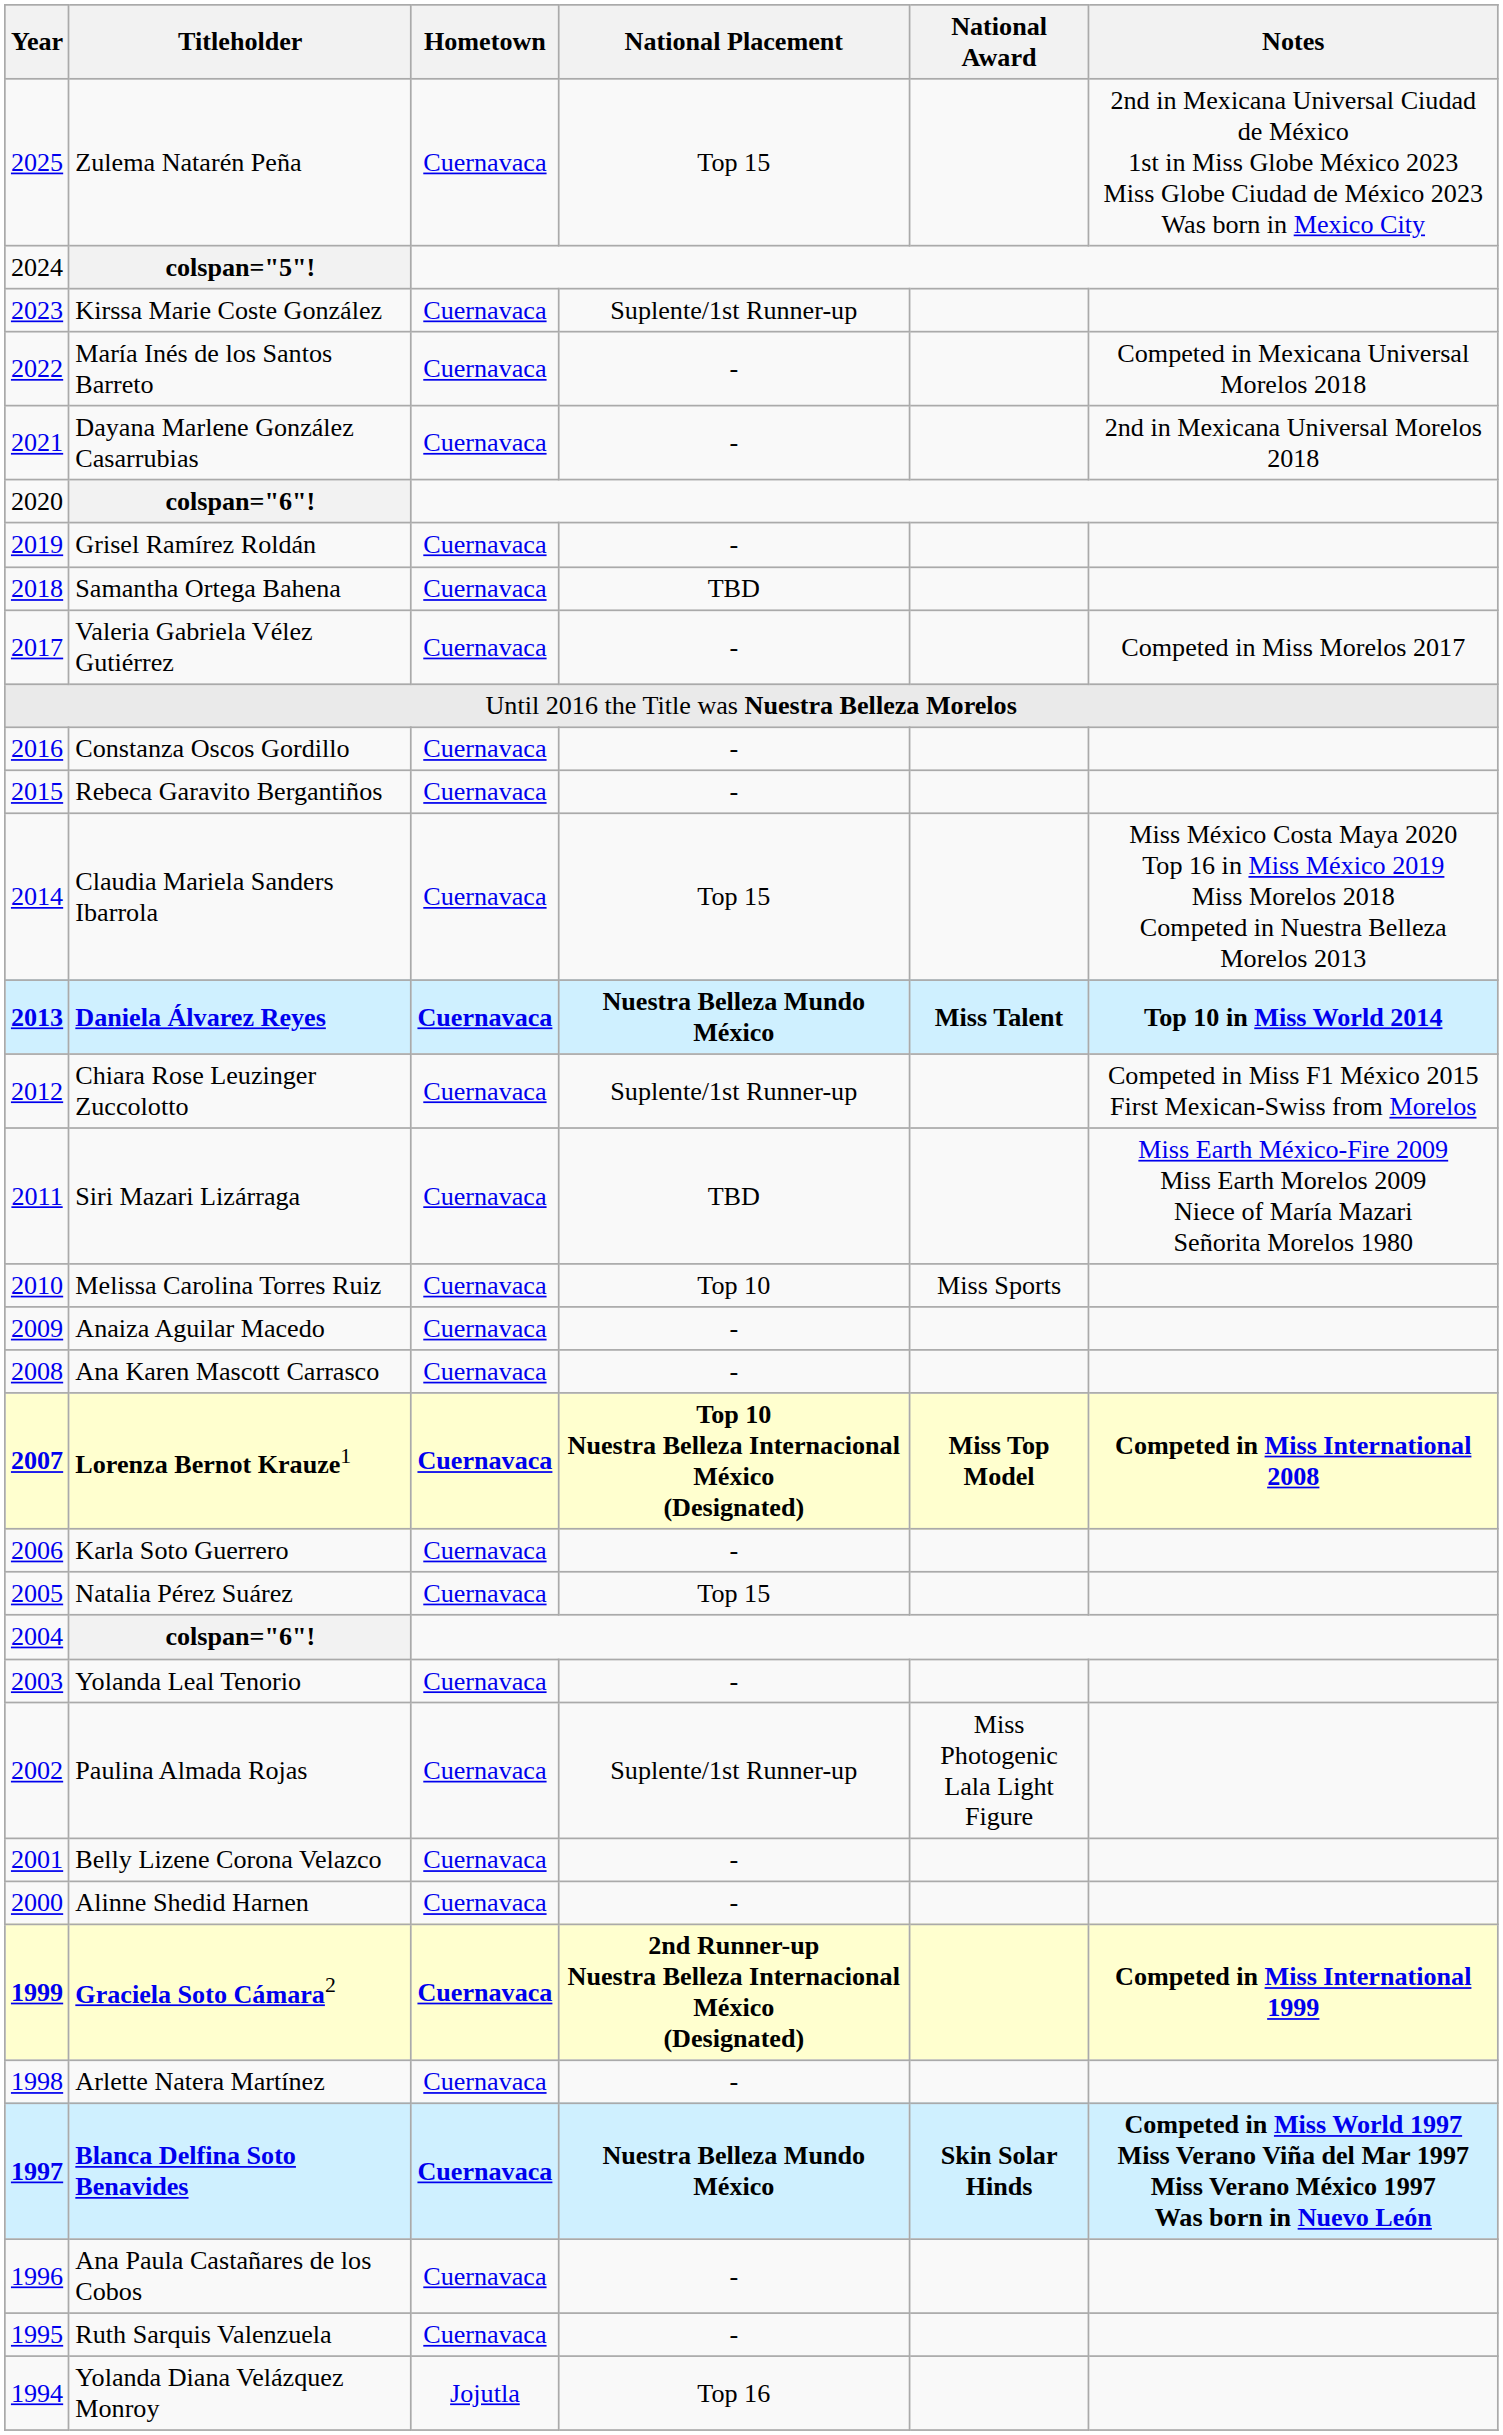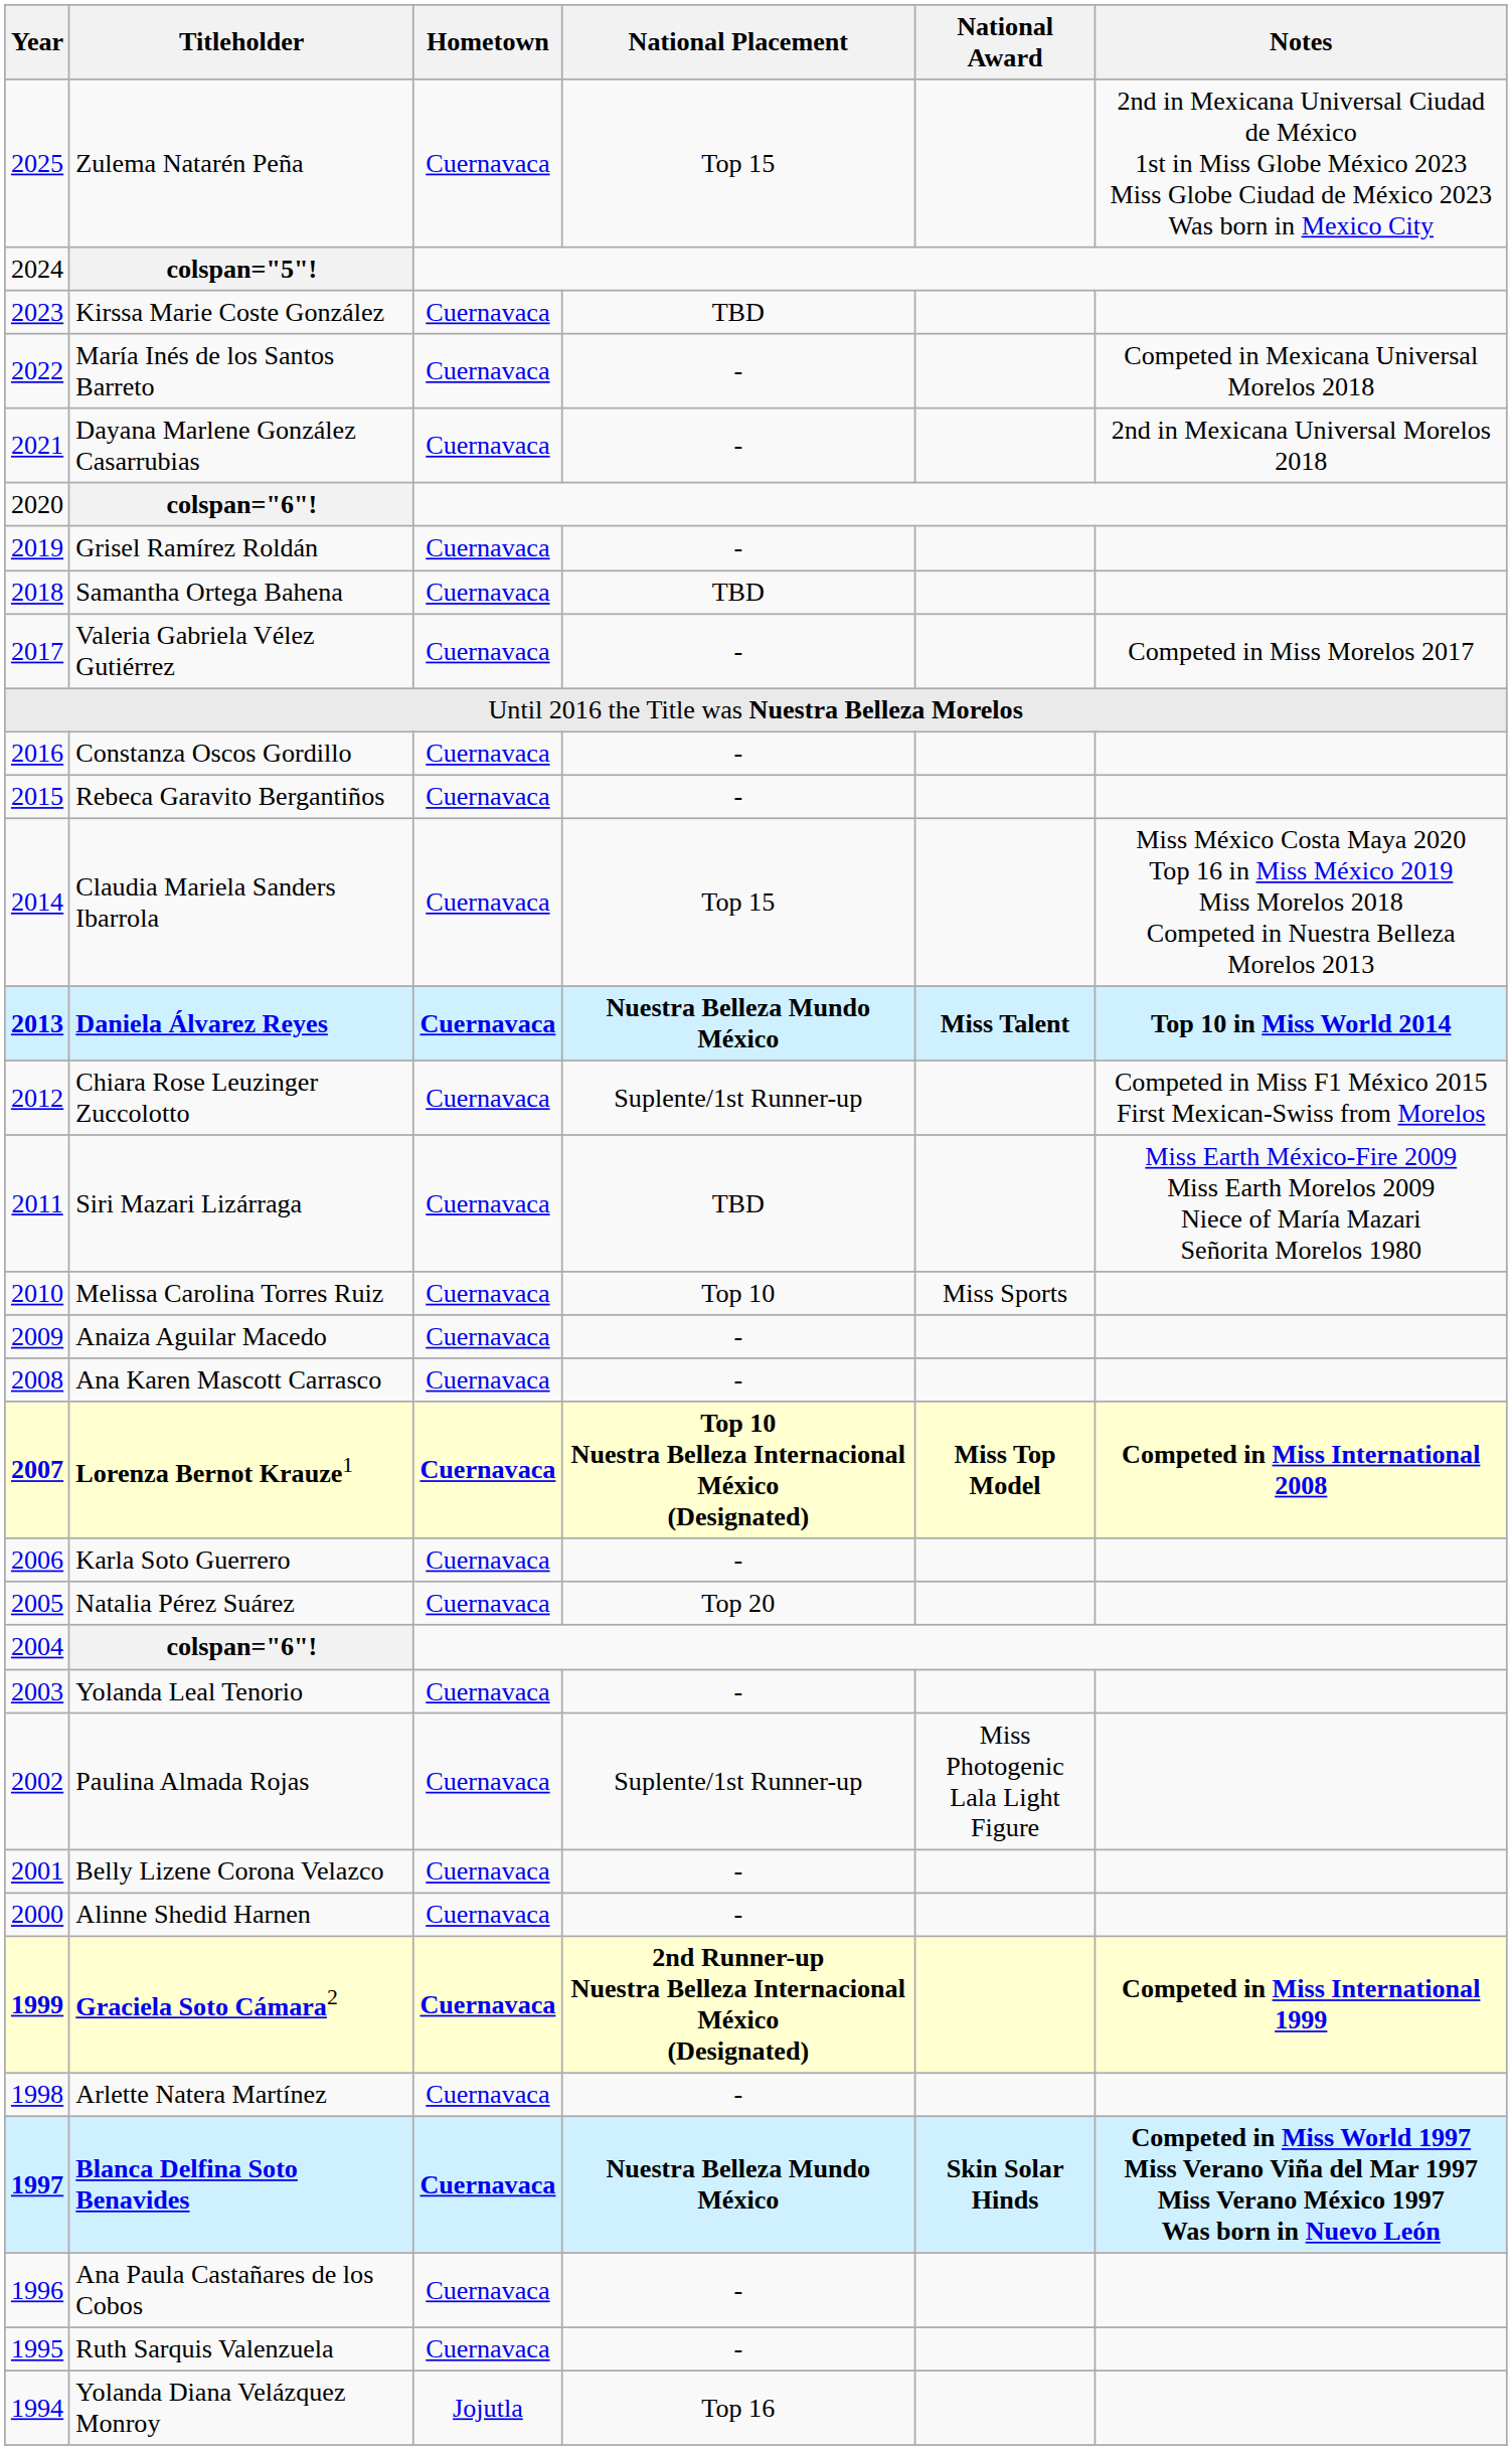 <table class="wikitable sortable" style="font-size:95%;">
 <tr>
 <th>Year</th>
 <th>Titleholder</th>
 <th>Hometown</th>
 <th>National Placement</th>
 <th>National Award</th>
 <th>Notes</th>
 </tr>
 <tr>
 <td align="center"><a href='#'>2025</a></td>
 <td>Zulema Natarén Peña</td>
 <td align="center"><a href='#'>Cuernavaca</a></td>
 <td align="center">Top 15</td>
 <td align="center"></td>
 <td align="center">2nd in Mexicana Universal Ciudad de México<br> 1st in Miss Globe México 2023<br>Miss Globe Ciudad de México 2023<br>Was born in <a href='#'>Mexico City</a></td>
 </tr>
 <tr>
 <td align="center">2024</td>
 <th>colspan="5"!</th>
 </tr>
 <tr>
 <td align="center"><a href='#'>2023</a></td>
 <td>Kirssa Marie Coste González</td>
 <td align="center"><a href='#'>Cuernavaca</a></td>
-<td align="center">Suplente/1st Runner-up</td>
+<td align="center">TBD</td>
 <td align="center"></td>
 <td align="center"></td>
 </tr>
 <tr>
 <td align="center"><a href='#'>2022</a></td>
 <td>María Inés de los Santos Barreto</td>
 <td align="center"><a href='#'>Cuernavaca</a></td>
 <td align="center">-</td>
 <td align="center"></td>
 <td align="center">Competed in Mexicana Universal Morelos 2018</td>
 </tr>
 <tr>
 <td align="center"><a href='#'>2021</a></td>
 <td>Dayana Marlene González Casarrubias</td>
 <td align="center"><a href='#'>Cuernavaca</a></td>
 <td align="center">-</td>
 <td align="center"></td>
 <td align="center">2nd in Mexicana Universal Morelos 2018</td>
 </tr>
 <tr>
 <td align="center">2020</td>
 <th>colspan="6"!</th>
 </tr>
 <tr>
 <td align="center"><a href='#'>2019</a></td>
 <td>Grisel Ramírez Roldán</td>
 <td align="center"><a href='#'>Cuernavaca</a></td>
 <td align="center">-</td>
 <td align="center"></td>
 <td align="center"></td>
 </tr>
 <tr>
 <td align="center"><a href='#'>2018</a></td>
 <td>Samantha Ortega Bahena</td>
 <td align="center"><a href='#'>Cuernavaca</a></td>
 <td align="center">TBD</td>
 <td align="center"></td>
 <td align="center"></td>
 </tr>
 <tr>
 <td align="center"><a href='#'>2017</a></td>
 <td>Valeria Gabriela Vélez Gutiérrez</td>
 <td align="center"><a href='#'>Cuernavaca</a></td>
 <td align="center">-</td>
 <td align="center"></td>
 <td align="center">Competed in Miss Morelos 2017</td>
 </tr>
 <tr>
 <td colspan="7" bgcolor="#EAEAEA" style="text-align:center;">Until 2016 the Title was <strong>Nuestra Belleza Morelos</strong></td>
 </tr>
 <tr>
 <td align="center"><a href='#'>2016</a></td>
 <td>Constanza Oscos Gordillo</td>
 <td align="center"><a href='#'>Cuernavaca</a></td>
 <td align="center">-</td>
 <td align="center"></td>
 <td align="center"></td>
 </tr>
 <tr>
 <td align="center"><a href='#'>2015</a></td>
 <td>Rebeca Garavito Bergantiños</td>
 <td align="center"><a href='#'>Cuernavaca</a></td>
 <td align="center">-</td>
 <td align="center"></td>
 <td align="center"></td>
 </tr>
 <tr>
 <td align="center"><a href='#'>2014</a></td>
 <td>Claudia Mariela Sanders Ibarrola</td>
 <td align="center"><a href='#'>Cuernavaca</a></td>
 <td align="center">Top 15</td>
 <td align="center"></td>
 <td align="center">Miss México Costa Maya 2020<br>Top 16 in <a href='#'>Miss México 2019</a><br>Miss Morelos 2018<br>Competed in Nuestra Belleza Morelos 2013</td>
 </tr>
 <tr bgcolor="#CFF0FF">
 <td align="center"><strong><a href='#'>2013</a></strong></td>
 <td><strong><a href='#'>Daniela Álvarez Reyes</a></strong></td>
 <td align="center"><strong><a href='#'>Cuernavaca</a></strong></td>
 <td align="center"><strong>Nuestra Belleza Mundo México</strong></td>
 <td align="center"><strong>Miss Talent</strong></td>
 <td align="center"><strong>Top 10 in <a href='#'>Miss World 2014</a></strong></td>
 </tr>
 <tr>
 <td align="center"><a href='#'>2012</a></td>
 <td>Chiara Rose Leuzinger Zuccolotto</td>
 <td align="center"><a href='#'>Cuernavaca</a></td>
 <td align="center">Suplente/1st Runner-up</td>
 <td align="center"></td>
 <td align="center">Competed in Miss F1 México 2015<br>First Mexican-Swiss from <a href='#'>Morelos</a></td>
 </tr>
 <tr>
 <td align="center"><a href='#'>2011</a></td>
 <td>Siri Mazari Lizárraga</td>
 <td align="center"><a href='#'>Cuernavaca</a></td>
 <td align="center">TBD</td>
 <td align="center"></td>
 <td align="center"><a href='#'>Miss Earth México-Fire 2009</a><br>Miss Earth Morelos 2009<br>Niece of María Mazari<br>Señorita Morelos 1980</td>
 </tr>
 <tr>
 <td align="center"><a href='#'>2010</a></td>
 <td>Melissa Carolina Torres Ruiz</td>
 <td align="center"><a href='#'>Cuernavaca</a></td>
 <td align="center">Top 10</td>
 <td align="center">Miss Sports</td>
 <td align="center"></td>
 </tr>
 <tr>
 <td align="center"><a href='#'>2009</a></td>
 <td>Anaiza Aguilar Macedo</td>
 <td align="center"><a href='#'>Cuernavaca</a></td>
 <td align="center">-</td>
 <td align="center"></td>
 <td align="center"></td>
 </tr>
 <tr>
 <td align="center"><a href='#'>2008</a></td>
 <td>Ana Karen Mascott Carrasco</td>
 <td align="center"><a href='#'>Cuernavaca</a></td>
 <td align="center">-</td>
 <td align="center"></td>
 <td align="center"></td>
 </tr>
 <tr bgcolor="#FFFFCF">
 <td align="center"><strong><a href='#'>2007</a></strong></td>
 <td><strong>Lorenza Bernot Krauze</strong><sup>1</sup></td>
 <td align="center"><strong><a href='#'>Cuernavaca</a></strong></td>
 <td align="center"><strong>Top 10<br>Nuestra Belleza Internacional México<br>(Designated)</strong></td>
 <td align="center"><strong>Miss Top Model</strong></td>
 <td align="center"><strong>Competed in <a href='#'>Miss International 2008</a></strong></td>
 </tr>
 <tr>
 <td align="center"><a href='#'>2006</a></td>
 <td>Karla Soto Guerrero</td>
 <td align="center"><a href='#'>Cuernavaca</a></td>
 <td align="center">-</td>
 <td align="center"></td>
 <td align="center"></td>
 </tr>
 <tr>
 <td align="center"><a href='#'>2005</a></td>
 <td>Natalia Pérez Suárez</td>
 <td align="center"><a href='#'>Cuernavaca</a></td>
-<td align="center">Top 15</td>
+<td align="center">Top 20</td>
 <td align="center"></td>
 <td align="center"></td>
 </tr>
 <tr>
 <td align="center"><a href='#'>2004</a></td>
 <th>colspan="6"!</th>
 </tr>
 <tr>
 <td align="center"><a href='#'>2003</a></td>
 <td>Yolanda Leal Tenorio</td>
 <td align="center"><a href='#'>Cuernavaca</a></td>
 <td align="center">-</td>
 <td align="center"></td>
 <td align="center"></td>
 </tr>
 <tr>
 <td align="center"><a href='#'>2002</a></td>
 <td>Paulina Almada Rojas</td>
 <td align="center"><a href='#'>Cuernavaca</a></td>
 <td align="center">Suplente/1st Runner-up</td>
 <td align="center">Miss Photogenic<br>Lala Light Figure</td>
 <td align="center"></td>
 </tr>
 <tr>
 <td align="center"><a href='#'>2001</a></td>
 <td>Belly Lizene Corona Velazco</td>
 <td align="center"><a href='#'>Cuernavaca</a></td>
 <td align="center">-</td>
 <td align="center"></td>
 <td align="center"></td>
 </tr>
 <tr>
 <td align="center"><a href='#'>2000</a></td>
 <td>Alinne Shedid Harnen</td>
 <td align="center"><a href='#'>Cuernavaca</a></td>
 <td align="center">-</td>
 <td align="center"></td>
 <td align="center"></td>
 </tr>
 <tr bgcolor="#FFFFCF">
 <td align="center"><strong><a href='#'>1999</a></strong></td>
 <td><strong><a href='#'>Graciela Soto Cámara</a></strong><sup>2</sup></td>
 <td align="center"><strong><a href='#'>Cuernavaca</a></strong></td>
 <td align="center"><strong>2nd Runner-up<br>Nuestra Belleza Internacional México<br>(Designated)</strong></td>
 <td align="center"></td>
 <td align="center"><strong>Competed in <a href='#'>Miss International 1999</a></strong></td>
 </tr>
 <tr>
 <td align="center"><a href='#'>1998</a></td>
 <td>Arlette Natera Martínez</td>
 <td align="center"><a href='#'>Cuernavaca</a></td>
 <td align="center">-</td>
 <td align="center"></td>
 <td align="center"></td>
 </tr>
 <tr bgcolor="#CFF0FF">
 <td align="center"><strong><a href='#'>1997</a></strong></td>
 <td><strong><a href='#'>Blanca Delfina Soto Benavides</a></strong></td>
 <td align="center"><strong><a href='#'>Cuernavaca</a></strong></td>
 <td align="center"><strong>Nuestra Belleza Mundo México</strong></td>
 <td align="center"><strong>Skin Solar Hinds</strong></td>
 <td align="center"><strong>Competed in <a href='#'>Miss World 1997</a><br>Miss Verano Viña del Mar 1997<br>Miss Verano México 1997<br>Was born in <a href='#'>Nuevo León</a></strong></td>
 </tr>
 <tr>
 <td align="center"><a href='#'>1996</a></td>
 <td>Ana Paula Castañares de los Cobos</td>
 <td align="center"><a href='#'>Cuernavaca</a></td>
 <td align="center">-</td>
 <td align="center"></td>
 <td align="center"></td>
 </tr>
 <tr>
 <td align="center"><a href='#'>1995</a></td>
 <td>Ruth Sarquis Valenzuela</td>
 <td align="center"><a href='#'>Cuernavaca</a></td>
 <td align="center">-</td>
 <td align="center"></td>
 <td align="center"></td>
 </tr>
 <tr>
 <td align="center"><a href='#'>1994</a></td>
 <td>Yolanda Diana Velázquez Monroy</td>
 <td align="center"><a href='#'>Jojutla</a></td>
 <td align="center">Top 16</td>
 <td align="center"></td>
 <td align="center"></td>
 </tr>
 </table>
